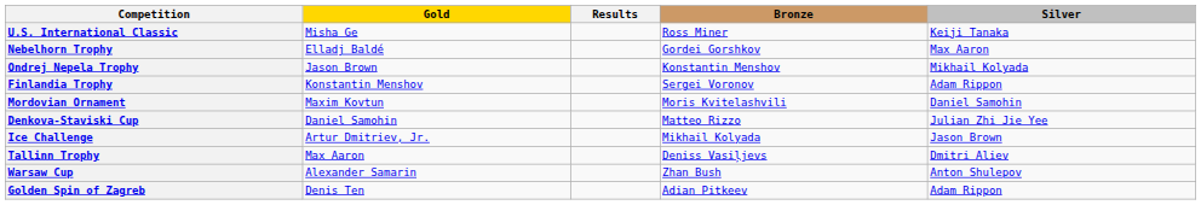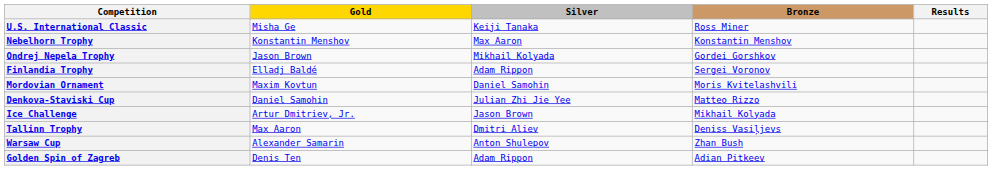 <table class="wikitable unsortable" style="text-align:left; width:90%;">
 <tr>
 <th scope="col" style="text-align:center; width:25%;">Competition</th>
 <td scope="col" style="text-align:center; width:22.5%; background:gold"><strong>Gold</strong></td>
+<td scope="col" style="text-align:center; width:22.5%; background:silver"><strong>Silver</strong></td>
+<td scope="col" style="text-align:center; width:22.5%; background:#c96"><strong>Bronze</strong></td>
 <th scope="col" style="text-align:center; width:7.5%;">Results</th>
-<td scope="col" style="text-align:center; width:22.5%; background:#c96"><strong>Bronze</strong></td>
-<td scope="col" style="text-align:center; width:22.5%; background:silver"><strong>Silver</strong></td>
 </tr>
 <tr>
 <th scope="row" style="text-align:left"> <a href='#'>U.S. International Classic</a></th>
 <td> <a href='#'>Misha Ge</a></td>
+<td> <a href='#'>Keiji Tanaka</a></td>
+<td> <a href='#'>Ross Miner</a></td>
 <td></td>
-<td> <a href='#'>Ross Miner</a></td>
-<td> <a href='#'>Keiji Tanaka</a></td>
 </tr>
 <tr>
 <th scope="row" style="text-align:left"> <a href='#'>Nebelhorn Trophy</a></th>
-<td> <a href='#'>Elladj Baldé</a></td>
+<td> <a href='#'>Konstantin Menshov</a></td>
+<td> <a href='#'>Max Aaron</a></td>
+<td> <a href='#'>Konstantin Menshov</a></td>
 <td></td>
-<td> <a href='#'>Gordei Gorshkov</a></td>
-<td> <a href='#'>Max Aaron</a></td>
 </tr>
 <tr>
 <th scope="row" style="text-align:left"> <a href='#'>Ondrej Nepela Trophy</a></th>
 <td> <a href='#'>Jason Brown</a></td>
+<td> <a href='#'>Mikhail Kolyada</a></td>
+<td> <a href='#'>Gordei Gorshkov</a></td>
 <td></td>
-<td> <a href='#'>Konstantin Menshov</a></td>
-<td> <a href='#'>Mikhail Kolyada</a></td>
 </tr>
 <tr>
 <th scope="row" style="text-align:left"> <a href='#'>Finlandia Trophy</a></th>
-<td> <a href='#'>Konstantin Menshov</a></td>
+<td> <a href='#'>Elladj Baldé</a></td>
+<td> <a href='#'>Adam Rippon</a></td>
+<td> <a href='#'>Sergei Voronov</a></td>
 <td></td>
-<td> <a href='#'>Sergei Voronov</a></td>
-<td> <a href='#'>Adam Rippon</a></td>
 </tr>
 <tr>
 <th scope="row" style="text-align:left"> <a href='#'>Mordovian Ornament</a></th>
 <td> <a href='#'>Maxim Kovtun</a></td>
+<td> <a href='#'>Daniel Samohin</a></td>
+<td> <a href='#'>Moris Kvitelashvili</a></td>
 <td></td>
-<td> <a href='#'>Moris Kvitelashvili</a></td>
-<td> <a href='#'>Daniel Samohin</a></td>
 </tr>
 <tr>
 <th scope="row" style="text-align:left"> <a href='#'>Denkova-Staviski Cup</a></th>
 <td> <a href='#'>Daniel Samohin</a></td>
+<td> <a href='#'>Julian Zhi Jie Yee</a></td>
+<td> <a href='#'>Matteo Rizzo</a></td>
 <td></td>
-<td> <a href='#'>Matteo Rizzo</a></td>
-<td> <a href='#'>Julian Zhi Jie Yee</a></td>
 </tr>
 <tr>
 <th scope="row" style="text-align:left"> <a href='#'>Ice Challenge</a></th>
 <td> <a href='#'>Artur Dmitriev, Jr.</a></td>
+<td> <a href='#'>Jason Brown</a></td>
+<td> <a href='#'>Mikhail Kolyada</a></td>
 <td></td>
-<td> <a href='#'>Mikhail Kolyada</a></td>
-<td> <a href='#'>Jason Brown</a></td>
 </tr>
 <tr>
 <th scope="row" style="text-align:left"> <a href='#'>Tallinn Trophy</a></th>
 <td> <a href='#'>Max Aaron</a></td>
+<td> <a href='#'>Dmitri Aliev</a></td>
+<td> <a href='#'>Deniss Vasiļjevs</a></td>
 <td></td>
-<td> <a href='#'>Deniss Vasiļjevs</a></td>
-<td> <a href='#'>Dmitri Aliev</a></td>
 </tr>
 <tr>
 <th scope="row" style="text-align:left"> <a href='#'>Warsaw Cup</a></th>
 <td> <a href='#'>Alexander Samarin</a></td>
+<td> <a href='#'>Anton Shulepov</a></td>
+<td> <a href='#'>Zhan Bush</a></td>
 <td></td>
-<td> <a href='#'>Zhan Bush</a></td>
-<td> <a href='#'>Anton Shulepov</a></td>
 </tr>
 <tr>
 <th scope="row" style="text-align:left"> <a href='#'>Golden Spin of Zagreb</a></th>
 <td> <a href='#'>Denis Ten</a></td>
+<td> <a href='#'>Adam Rippon</a></td>
+<td> <a href='#'>Adian Pitkeev</a></td>
 <td></td>
-<td> <a href='#'>Adian Pitkeev</a></td>
-<td> <a href='#'>Adam Rippon</a></td>
 </tr>
 </table>
